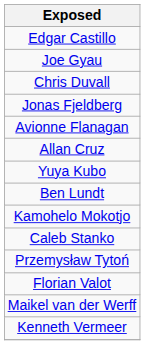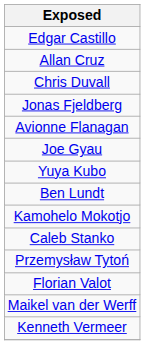 <table class="wikitable" style="text-align:center">
 <tr>
 <th>Exposed</th>
 </tr>
 <tr>
 <td><a href='#'>Edgar Castillo</a></td>
 </tr>
 <tr>
-<td><a href='#'>Joe Gyau</a></td>
+<td><a href='#'>Allan Cruz</a></td>
 </tr>
 <tr>
 <td><a href='#'>Chris Duvall</a></td>
 </tr>
 <tr>
 <td><a href='#'>Jonas Fjeldberg</a></td>
 </tr>
 <tr>
 <td><a href='#'>Avionne Flanagan</a></td>
 </tr>
 <tr>
-<td><a href='#'>Allan Cruz</a></td>
+<td><a href='#'>Joe Gyau</a></td>
 </tr>
 <tr>
 <td><a href='#'>Yuya Kubo</a></td>
 </tr>
 <tr>
 <td><a href='#'>Ben Lundt</a></td>
 </tr>
 <tr>
 <td><a href='#'>Kamohelo Mokotjo</a></td>
 </tr>
 <tr>
 <td><a href='#'>Caleb Stanko</a></td>
 </tr>
 <tr>
 <td><a href='#'>Przemysław Tytoń</a></td>
 </tr>
 <tr>
 <td><a href='#'>Florian Valot</a></td>
 </tr>
 <tr>
 <td><a href='#'>Maikel van der Werff</a></td>
 </tr>
 <tr>
 <td><a href='#'>Kenneth Vermeer</a></td>
 </tr>
 <tr>
 </tr>
 </table>
